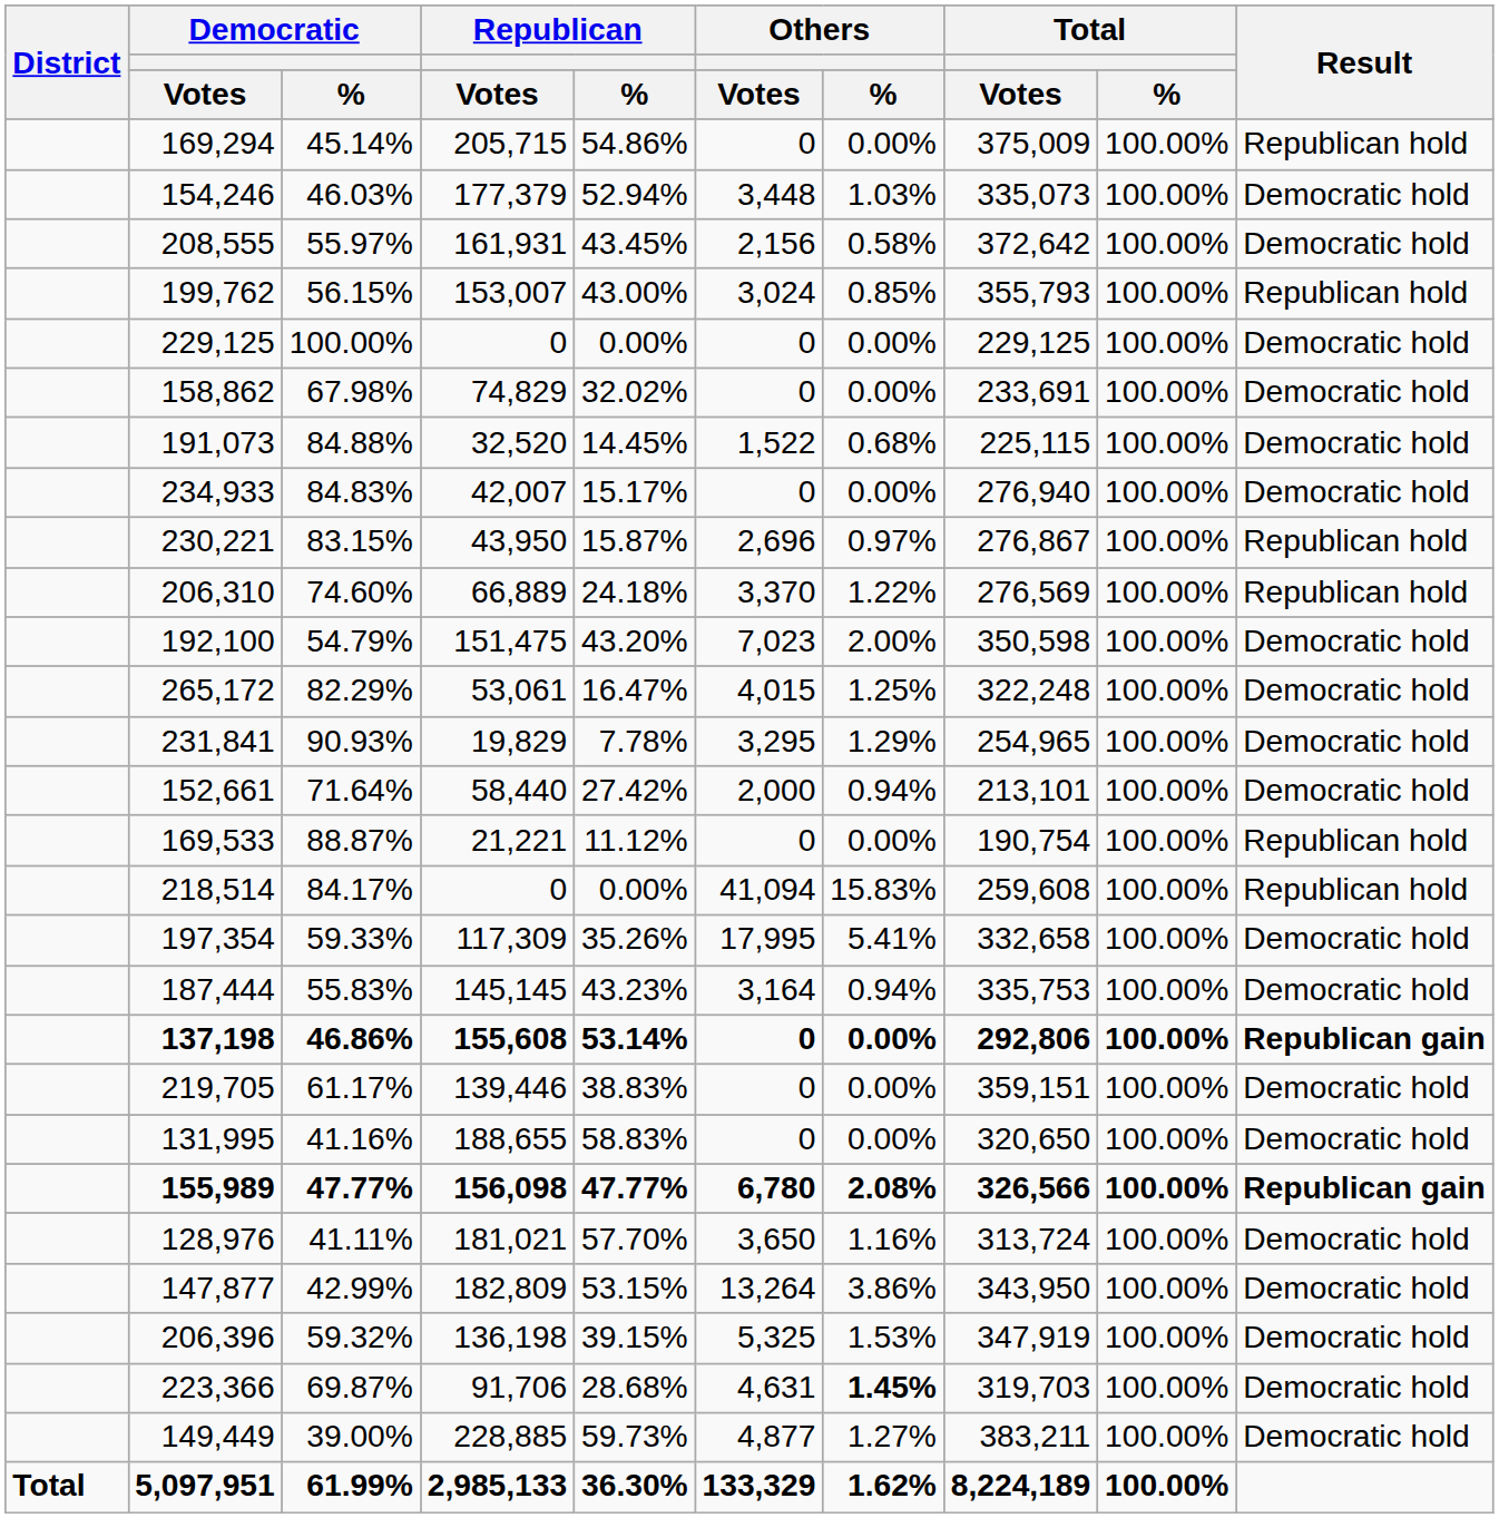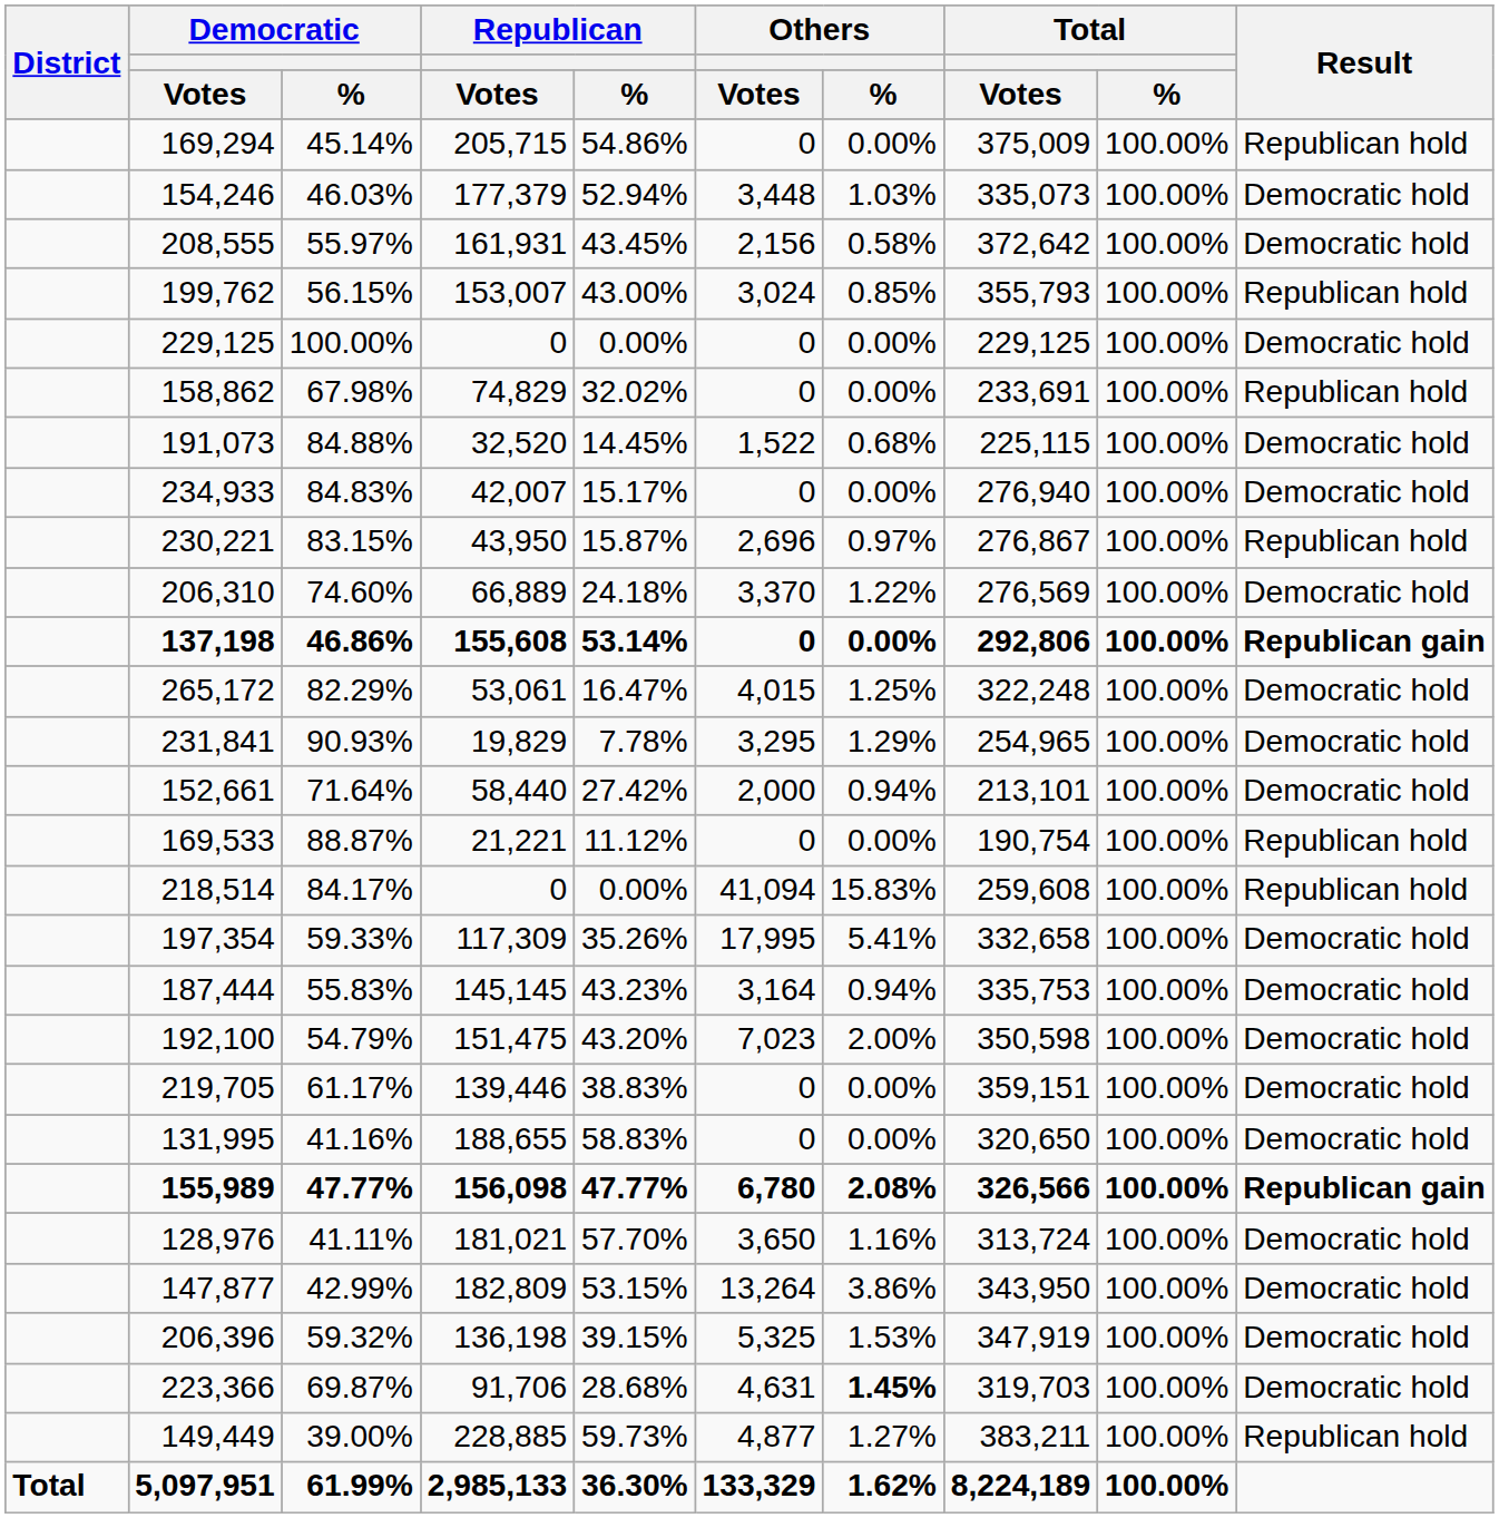 <table class="wikitable plainrowheaders sortable" style="font-size:100%; text-align:right;">
 <tr>
 <th scope=col rowspan=3><a href='#'>District</a></th>
 <th scope=col colspan=2><a href='#'>Democratic</a></th>
 <th scope=col colspan=2><a href='#'>Republican</a></th>
 <th scope=col colspan=2>Others</th>
 <th scope=col colspan=2>Total</th>
 <th scope=col rowspan=3>Result</th>
 </tr>
 <tr>
 <th scope=col colspan=2 style="background:"></th>
 <th scope=col colspan=2 style="background:"></th>
 <th scope=col colspan=2></th>
 <th scope=col colspan=2></th>
 </tr>
 <tr>
 <th scope=col data-sort-type="number">Votes</th>
 <th scope=col data-sort-type="number">%</th>
 <th scope=col data-sort-type="number">Votes</th>
 <th scope=col data-sort-type="number">%</th>
 <th scope=col data-sort-type="number">Votes</th>
 <th scope=col data-sort-type="number">%</th>
 <th scope=col data-sort-type="number">Votes</th>
 <th scope=col data-sort-type="number">%</th>
 </tr>
 <tr>
 <td align=left></td>
 <td>169,294</td>
 <td>45.14%</td>
 <td>205,715</td>
 <td>54.86%</td>
 <td>0</td>
 <td>0.00%</td>
 <td>375,009</td>
 <td>100.00%</td>
 <td align=left>Republican hold</td>
 </tr>
 <tr>
 <td align=left></td>
 <td>154,246</td>
 <td>46.03%</td>
 <td>177,379</td>
 <td>52.94%</td>
 <td>3,448</td>
 <td>1.03%</td>
 <td>335,073</td>
 <td>100.00%</td>
 <td align=left>Democratic hold</td>
 </tr>
 <tr>
 <td align=left></td>
 <td>208,555</td>
 <td>55.97%</td>
 <td>161,931</td>
 <td>43.45%</td>
 <td>2,156</td>
 <td>0.58%</td>
 <td>372,642</td>
 <td>100.00%</td>
 <td align=left>Democratic hold</td>
 </tr>
 <tr>
 <td align=left></td>
 <td>199,762</td>
 <td>56.15%</td>
 <td>153,007</td>
 <td>43.00%</td>
 <td>3,024</td>
 <td>0.85%</td>
 <td>355,793</td>
 <td>100.00%</td>
 <td align=left>Republican hold</td>
 </tr>
 <tr>
 <td align=left></td>
 <td>229,125</td>
 <td>100.00%</td>
 <td>0</td>
 <td>0.00%</td>
 <td>0</td>
 <td>0.00%</td>
 <td>229,125</td>
 <td>100.00%</td>
 <td align=left>Democratic hold</td>
 </tr>
 <tr>
 <td align=left></td>
 <td>158,862</td>
 <td>67.98%</td>
 <td>74,829</td>
 <td>32.02%</td>
 <td>0</td>
 <td>0.00%</td>
 <td>233,691</td>
 <td>100.00%</td>
-<td align=left>Democratic hold</td>
+<td align=left>Republican hold</td>
 </tr>
 <tr>
 <td align=left></td>
 <td>191,073</td>
 <td>84.88%</td>
 <td>32,520</td>
 <td>14.45%</td>
 <td>1,522</td>
 <td>0.68%</td>
 <td>225,115</td>
 <td>100.00%</td>
 <td align=left>Democratic hold</td>
 </tr>
 <tr>
 <td align=left></td>
 <td>234,933</td>
 <td>84.83%</td>
 <td>42,007</td>
 <td>15.17%</td>
 <td>0</td>
 <td>0.00%</td>
 <td>276,940</td>
 <td>100.00%</td>
 <td align=left>Democratic hold</td>
 </tr>
 <tr>
 <td align=left></td>
 <td>230,221</td>
 <td>83.15%</td>
 <td>43,950</td>
 <td>15.87%</td>
 <td>2,696</td>
 <td>0.97%</td>
 <td>276,867</td>
 <td>100.00%</td>
 <td align=left>Republican hold</td>
 </tr>
 <tr>
 <td align=left></td>
 <td>206,310</td>
 <td>74.60%</td>
 <td>66,889</td>
 <td>24.18%</td>
 <td>3,370</td>
 <td>1.22%</td>
 <td>276,569</td>
 <td>100.00%</td>
-<td align=left>Republican hold</td>
+<td align=left>Democratic hold</td>
 </tr>
 <tr>
-<td align=left></td>
-<td>192,100</td>
-<td>54.79%</td>
-<td>151,475</td>
-<td>43.20%</td>
-<td>7,023</td>
-<td>2.00%</td>
-<td>350,598</td>
-<td>100.00%</td>
-<td align=left>Democratic hold</td>
+<td align=left><strong></strong></td>
+<td><strong>137,198</strong></td>
+<td><strong>46.86%</strong></td>
+<td><strong>155,608</strong></td>
+<td><strong>53.14%</strong></td>
+<td><strong>0</strong></td>
+<td><strong>0.00%</strong></td>
+<td><strong>292,806</strong></td>
+<td><strong>100.00%</strong></td>
+<td align=left><strong>Republican gain</strong></td>
 </tr>
 <tr>
 <td align=left></td>
 <td>265,172</td>
 <td>82.29%</td>
 <td>53,061</td>
 <td>16.47%</td>
 <td>4,015</td>
 <td>1.25%</td>
 <td>322,248</td>
 <td>100.00%</td>
 <td align=left>Democratic hold</td>
 </tr>
 <tr>
 <td align=left></td>
 <td>231,841</td>
 <td>90.93%</td>
 <td>19,829</td>
 <td>7.78%</td>
 <td>3,295</td>
 <td>1.29%</td>
 <td>254,965</td>
 <td>100.00%</td>
 <td align=left>Democratic hold</td>
 </tr>
 <tr>
 <td align=left></td>
 <td>152,661</td>
 <td>71.64%</td>
 <td>58,440</td>
 <td>27.42%</td>
 <td>2,000</td>
 <td>0.94%</td>
 <td>213,101</td>
 <td>100.00%</td>
 <td align=left>Democratic hold</td>
 </tr>
 <tr>
 <td align=left></td>
 <td>169,533</td>
 <td>88.87%</td>
 <td>21,221</td>
 <td>11.12%</td>
 <td>0</td>
 <td>0.00%</td>
 <td>190,754</td>
 <td>100.00%</td>
 <td align=left>Republican hold</td>
 </tr>
 <tr>
 <td align=left></td>
 <td>218,514</td>
 <td>84.17%</td>
 <td>0</td>
 <td>0.00%</td>
 <td>41,094</td>
 <td>15.83%</td>
 <td>259,608</td>
 <td>100.00%</td>
 <td align=left>Republican hold</td>
 </tr>
 <tr>
 <td align=left></td>
 <td>197,354</td>
 <td>59.33%</td>
 <td>117,309</td>
 <td>35.26%</td>
 <td>17,995</td>
 <td>5.41%</td>
 <td>332,658</td>
 <td>100.00%</td>
 <td align=left>Democratic hold</td>
 </tr>
 <tr>
 <td align=left></td>
 <td>187,444</td>
 <td>55.83%</td>
 <td>145,145</td>
 <td>43.23%</td>
 <td>3,164</td>
 <td>0.94%</td>
 <td>335,753</td>
 <td>100.00%</td>
 <td align=left>Democratic hold</td>
 </tr>
 <tr>
-<td align=left><strong></strong></td>
-<td><strong>137,198</strong></td>
-<td><strong>46.86%</strong></td>
-<td><strong>155,608</strong></td>
-<td><strong>53.14%</strong></td>
-<td><strong>0</strong></td>
-<td><strong>0.00%</strong></td>
-<td><strong>292,806</strong></td>
-<td><strong>100.00%</strong></td>
-<td align=left><strong>Republican gain</strong></td>
+<td align=left></td>
+<td>192,100</td>
+<td>54.79%</td>
+<td>151,475</td>
+<td>43.20%</td>
+<td>7,023</td>
+<td>2.00%</td>
+<td>350,598</td>
+<td>100.00%</td>
+<td align=left>Democratic hold</td>
 </tr>
 <tr>
 <td align=left></td>
 <td>219,705</td>
 <td>61.17%</td>
 <td>139,446</td>
 <td>38.83%</td>
 <td>0</td>
 <td>0.00%</td>
 <td>359,151</td>
 <td>100.00%</td>
 <td align=left>Democratic hold</td>
 </tr>
 <tr>
 <td align=left></td>
 <td>131,995</td>
 <td>41.16%</td>
 <td>188,655</td>
 <td>58.83%</td>
 <td>0</td>
 <td>0.00%</td>
 <td>320,650</td>
 <td>100.00%</td>
 <td align=left>Democratic hold</td>
 </tr>
 <tr>
 <td align=left><strong></strong></td>
 <td><strong>155,989</strong></td>
 <td><strong>47.77%</strong></td>
 <td><strong>156,098</strong></td>
 <td><strong>47.77%</strong></td>
 <td><strong>6,780</strong></td>
 <td><strong>2.08%</strong></td>
 <td><strong>326,566</strong></td>
 <td><strong>100.00%</strong></td>
 <td align=left><strong>Republican gain</strong></td>
 </tr>
 <tr>
 <td align=left></td>
 <td>128,976</td>
 <td>41.11%</td>
 <td>181,021</td>
 <td>57.70%</td>
 <td>3,650</td>
 <td>1.16%</td>
 <td>313,724</td>
 <td>100.00%</td>
 <td align=left>Democratic hold</td>
 </tr>
 <tr>
 <td align=left></td>
 <td>147,877</td>
 <td>42.99%</td>
 <td>182,809</td>
 <td>53.15%</td>
 <td>13,264</td>
 <td>3.86%</td>
 <td>343,950</td>
 <td>100.00%</td>
 <td align=left>Democratic hold</td>
 </tr>
 <tr>
 <td align=left></td>
 <td>206,396</td>
 <td>59.32%</td>
 <td>136,198</td>
 <td>39.15%</td>
 <td>5,325</td>
 <td>1.53%</td>
 <td>347,919</td>
 <td>100.00%</td>
 <td align=left>Democratic hold</td>
 </tr>
 <tr>
 <td align=left></td>
 <td>223,366</td>
 <td>69.87%</td>
 <td>91,706</td>
 <td>28.68%</td>
 <td>4,631</td>
 <td><strong>1.45%</strong></td>
 <td>319,703</td>
 <td>100.00%</td>
 <td align=left>Democratic hold</td>
 </tr>
 <tr>
 <td align=left></td>
 <td>149,449</td>
 <td>39.00%</td>
 <td>228,885</td>
 <td>59.73%</td>
 <td>4,877</td>
 <td>1.27%</td>
 <td>383,211</td>
 <td>100.00%</td>
-<td align=left>Democratic hold</td>
+<td align=left>Republican hold</td>
 </tr>
 <tr class="sortbottom" style="font-weight:bold">
 <td align=left>Total</td>
 <td>5,097,951</td>
 <td>61.99%</td>
 <td>2,985,133</td>
 <td>36.30%</td>
 <td>133,329</td>
 <td>1.62%</td>
 <td>8,224,189</td>
 <td>100.00%</td>
 <td></td>
 </tr>
 </table>
